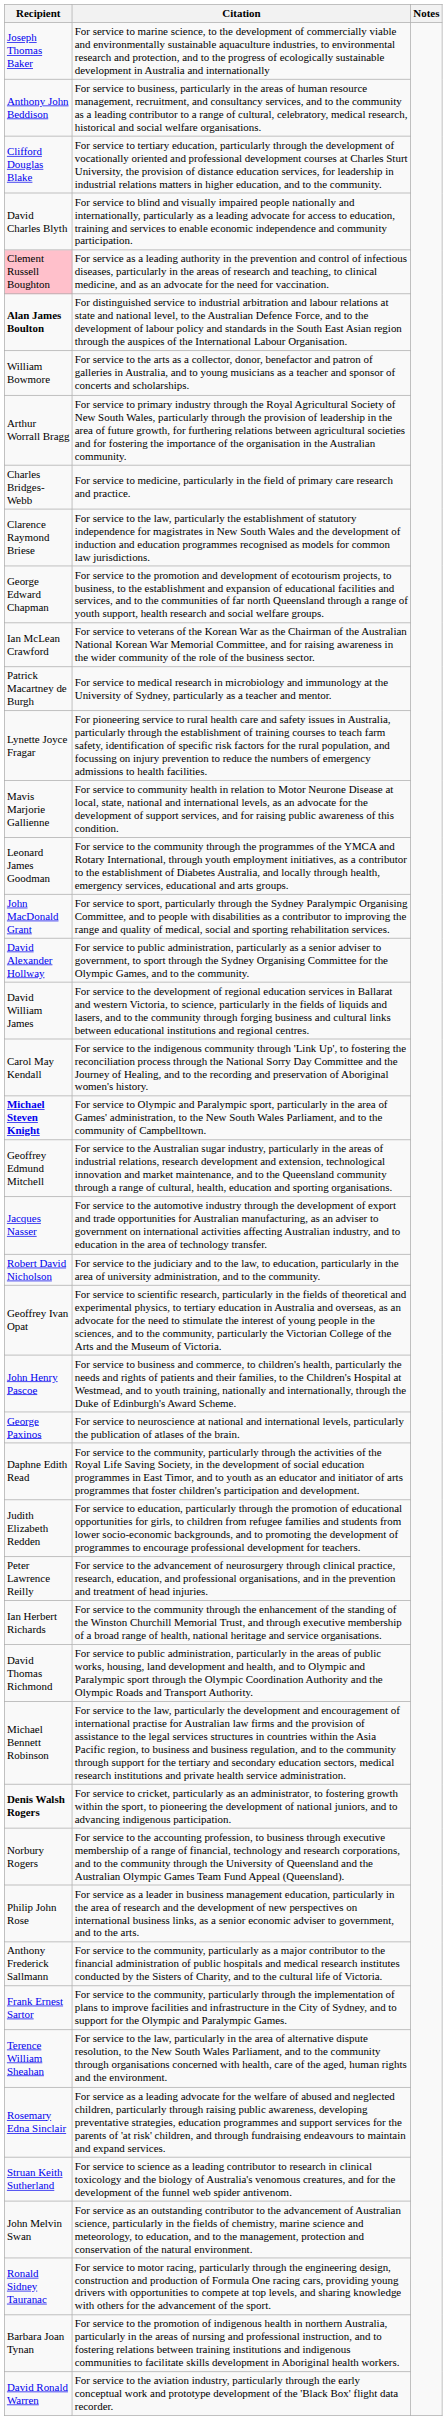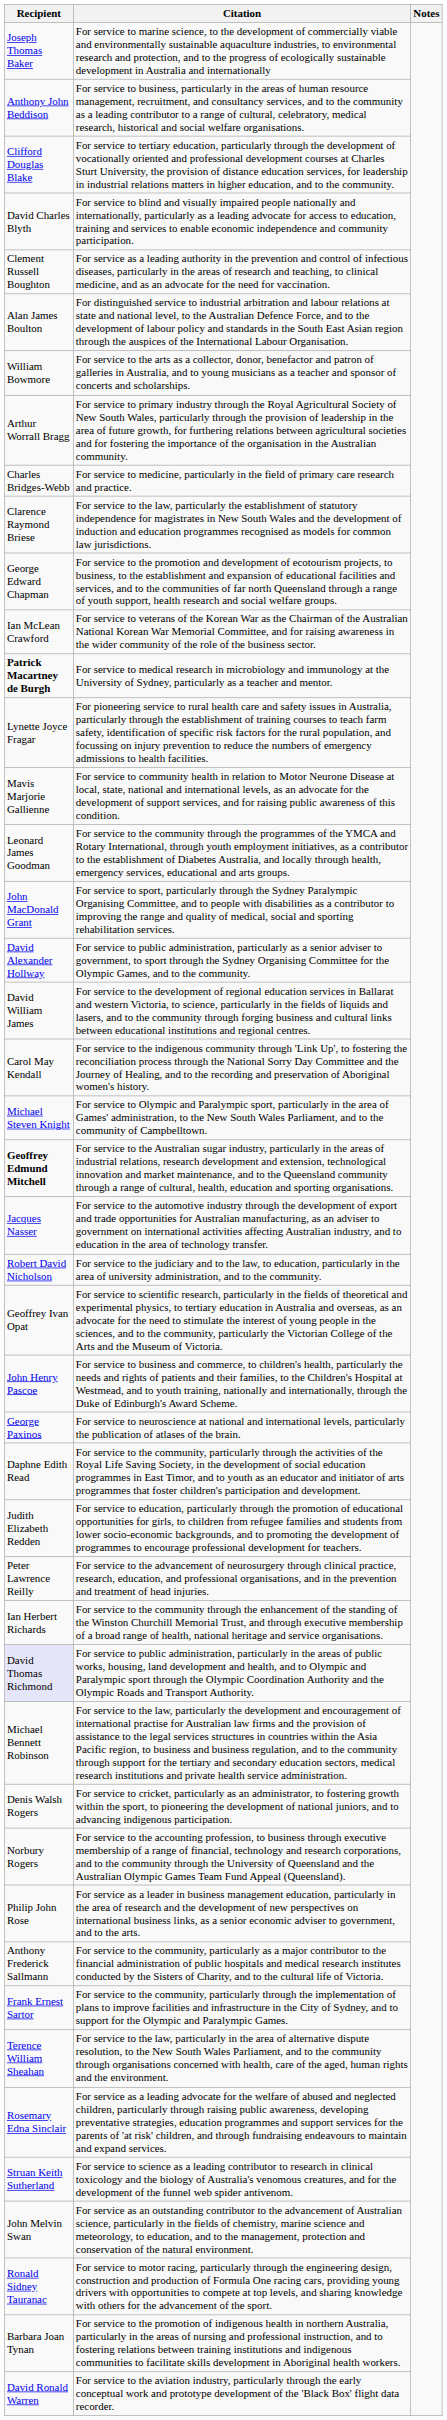 <table class="wikitable" style="font-size:95%;">
 <tr>
 <th>Recipient</th>
 <th>Citation</th>
 <th>Notes</th>
 </tr>
 <tr>
 <td> <a href='#'>Joseph Thomas Baker</a></td>
 <td>For service to marine science, to the development of commercially viable and environmentally sustainable aquaculture industries, to environmental research and protection, and to the progress of ecologically sustainable development in Australia and internationally</td>
 <td rowspan=45></td>
 </tr>
 <tr>
 <td><a href='#'>Anthony John Beddison</a></td>
 <td>For service to business, particularly in the areas of human resource management, recruitment, and consultancy services, and to the community as a leading contributor to a range of cultural, celebratory, medical research, historical and social welfare organisations.</td>
 </tr>
 <tr>
 <td> <a href='#'>Clifford Douglas Blake</a></td>
 <td>For service to tertiary education, particularly through the development of vocationally oriented and professional development courses at Charles Sturt University, the provision of distance education services, for leadership in industrial relations matters in higher education, and to the community.</td>
 </tr>
 <tr>
 <td>David Charles Blyth</td>
 <td>For service to blind and visually impaired people nationally and internationally, particularly as a leading advocate for access to education, training and services to enable economic independence and community participation.</td>
 </tr>
 <tr>
-<td style="background: pink;"> Clement Russell Boughton</td>
+<td> Clement Russell Boughton</td>
 <td>For service as a leading authority in the prevention and control of infectious diseases, particularly in the areas of research and teaching, to clinical medicine, and as an advocate for the need for vaccination.</td>
 </tr>
 <tr>
-<td><strong> Alan James Boulton</strong></td>
+<td> Alan James Boulton</td>
 <td>For distinguished service to industrial arbitration and labour relations at state and national level, to the Australian Defence Force, and to the development of labour policy and standards in the South East Asian region through the auspices of the International Labour Organisation.</td>
 </tr>
 <tr>
 <td>William Bowmore</td>
 <td>For service to the arts as a collector, donor, benefactor and patron of galleries in Australia, and to young musicians as a teacher and sponsor of concerts and scholarships.</td>
 </tr>
 <tr>
 <td>Arthur Worrall Bragg</td>
 <td>For service to primary industry through the Royal Agricultural Society of New South Wales, particularly through the provision of leadership in the area of future growth, for furthering relations between agricultural societies and for fostering the importance of the organisation in the Australian community.</td>
 </tr>
 <tr>
 <td> Charles Bridges-Webb</td>
 <td>For service to medicine, particularly in the field of primary care research and practice.</td>
 </tr>
 <tr>
 <td>Clarence Raymond Briese</td>
 <td>For service to the law, particularly the establishment of statutory independence for magistrates in New South Wales and the development of induction and education programmes recognised as models for common law jurisdictions.</td>
 </tr>
 <tr>
 <td>George Edward Chapman</td>
 <td>For service to the promotion and development of ecotourism projects, to business, to the establishment and expansion of educational facilities and services, and to the communities of far north Queensland through a range of youth support, health research and social welfare groups.</td>
 </tr>
 <tr>
 <td> Ian McLean Crawford</td>
 <td>For service to veterans of the Korean War as the Chairman of the Australian National Korean War Memorial Committee, and for raising awareness in the wider community of the role of the business sector.</td>
 </tr>
 <tr>
-<td> Patrick Macartney de Burgh</td>
+<td><strong> Patrick Macartney de Burgh</strong></td>
 <td>For service to medical research in microbiology and immunology at the University of Sydney, particularly as a teacher and mentor.</td>
 </tr>
 <tr>
 <td> Lynette Joyce Fragar</td>
 <td>For pioneering service to rural health care and safety issues in Australia, particularly through the establishment of training courses to teach farm safety, identification of specific risk factors for the rural population, and focussing on injury prevention to reduce the numbers of emergency admissions to health facilities.</td>
 </tr>
 <tr>
 <td>Mavis Marjorie Gallienne</td>
 <td>For service to community health in relation to Motor Neurone Disease at local, state, national and international levels, as an advocate for the development of support services, and for raising public awareness of this condition.</td>
 </tr>
 <tr>
 <td>Leonard James Goodman</td>
 <td>For service to the community through the programmes of the YMCA and Rotary International, through youth employment initiatives, as a contributor to the establishment of Diabetes Australia, and locally through health, emergency services, educational and arts groups.</td>
 </tr>
 <tr>
 <td> <a href='#'>John MacDonald Grant</a></td>
 <td>For service to sport, particularly through the Sydney Paralympic Organising Committee, and to people with disabilities as a contributor to improving the range and quality of medical, social and sporting rehabilitation services.</td>
 </tr>
 <tr>
 <td><a href='#'>David Alexander Hollway</a></td>
 <td>For service to public administration, particularly as a senior adviser to government, to sport through the Sydney Organising Committee for the Olympic Games, and to the community.</td>
 </tr>
 <tr>
 <td> David William James</td>
 <td>For service to the development of regional education services in Ballarat and western Victoria, to science, particularly in the fields of liquids and lasers, and to the community through forging business and cultural links between educational institutions and regional centres.</td>
 </tr>
 <tr>
 <td>Carol May Kendall</td>
 <td>For service to the indigenous community through 'Link Up', to fostering the reconciliation process through the National Sorry Day Committee and the Journey of Healing, and to the recording and preservation of Aboriginal women's history.</td>
 </tr>
 <tr>
-<td><strong> <a href='#'>Michael Steven Knight</a></strong></td>
+<td> <a href='#'>Michael Steven Knight</a></td>
 <td>For service to Olympic and Paralympic sport, particularly in the area of Games' administration, to the New South Wales Parliament, and to the community of Campbelltown.</td>
 </tr>
 <tr>
-<td>Geoffrey Edmund Mitchell</td>
+<td><strong>Geoffrey Edmund Mitchell</strong></td>
 <td>For service to the Australian sugar industry, particularly in the areas of industrial relations, research development and extension, technological innovation and market maintenance, and to the Queensland community through a range of cultural, health, education and sporting organisations.</td>
 </tr>
 <tr>
 <td><a href='#'>Jacques Nasser</a></td>
 <td>For service to the automotive industry through the development of export and trade opportunities for Australian manufacturing, as an adviser to government on international activities affecting Australian industry, and to education in the area of technology transfer.</td>
 </tr>
 <tr>
 <td> <a href='#'>Robert David Nicholson</a></td>
 <td>For service to the judiciary and to the law, to education, particularly in the area of university administration, and to the community.</td>
 </tr>
 <tr>
 <td> Geoffrey Ivan Opat</td>
 <td>For service to scientific research, particularly in the fields of theoretical and experimental physics, to tertiary education in Australia and overseas, as an advocate for the need to stimulate the interest of young people in the sciences, and to the community, particularly the Victorian College of the Arts and the Museum of Victoria.</td>
 </tr>
 <tr>
 <td><a href='#'>John Henry Pascoe</a></td>
 <td>For service to business and commerce, to children's health, particularly the needs and rights of patients and their families, to the Children's Hospital at Westmead, and to youth training, nationally and internationally, through the Duke of Edinburgh's Award Scheme.</td>
 </tr>
 <tr>
 <td> <a href='#'>George Paxinos</a></td>
 <td>For service to neuroscience at national and international levels, particularly the publication of atlases of the brain.</td>
 </tr>
 <tr>
 <td>Daphne Edith Read</td>
 <td>For service to the community, particularly through the activities of the Royal Life Saving Society, in the development of social education programmes in East Timor, and to youth as an educator and initiator of arts programmes that foster children's participation and development.</td>
 </tr>
 <tr>
 <td> Judith Elizabeth Redden</td>
 <td>For service to education, particularly through the promotion of educational opportunities for girls, to children from refugee families and students from lower socio-economic backgrounds, and to promoting the development of programmes to encourage professional development for teachers.</td>
 </tr>
 <tr>
 <td> Peter Lawrence Reilly</td>
 <td>For service to the advancement of neurosurgery through clinical practice, research, education, and professional organisations, and in the prevention and treatment of head injuries.</td>
 </tr>
 <tr>
 <td> Ian Herbert Richards</td>
 <td>For service to the community through the enhancement of the standing of the Winston Churchill Memorial Trust, and through executive membership of a broad range of health, national heritage and service organisations.</td>
 </tr>
 <tr>
-<td>David Thomas Richmond</td>
+<td style="background: lavender;">David Thomas Richmond</td>
 <td>For service to public administration, particularly in the areas of public works, housing, land development and health, and to Olympic and Paralympic sport through the Olympic Coordination Authority and the Olympic Roads and Transport Authority.</td>
 </tr>
 <tr>
 <td>Michael Bennett Robinson</td>
 <td>For service to the law, particularly the development and encouragement of international practise for Australian law firms and the provision of assistance to the legal services structures in countries within the Asia Pacific region, to business and business regulation, and to the community through support for the tertiary and secondary education sectors, medical research institutions and private health service administration.</td>
 </tr>
 <tr>
-<td><strong>Denis Walsh Rogers</strong></td>
+<td>Denis Walsh Rogers</td>
 <td>For service to cricket, particularly as an administrator, to fostering growth within the sport, to pioneering the development of national juniors, and to advancing indigenous participation.</td>
 </tr>
 <tr>
 <td>Norbury Rogers</td>
 <td>For service to the accounting profession, to business through executive membership of a range of financial, technology and research corporations, and to the community through the University of Queensland and the Australian Olympic Games Team Fund Appeal (Queensland).</td>
 </tr>
 <tr>
 <td> Philip John Rose</td>
 <td>For service as a leader in business management education, particularly in the area of research and the development of new perspectives on international business links, as a senior economic adviser to government, and to the arts.</td>
 </tr>
 <tr>
 <td> Anthony Frederick Sallmann </td>
 <td>For service to the community, particularly as a major contributor to the financial administration of public hospitals and medical research institutes conducted by the Sisters of Charity, and to the cultural life of Victoria.</td>
 </tr>
 <tr>
 <td><a href='#'>Frank Ernest Sartor</a></td>
 <td>For service to the community, particularly through the implementation of plans to improve facilities and infrastructure in the City of Sydney, and to support for the Olympic and Paralympic Games.</td>
 </tr>
 <tr>
 <td> <a href='#'>Terence William Sheahan</a></td>
 <td>For service to the law, particularly in the area of alternative dispute resolution, to the New South Wales Parliament, and to the community through organisations concerned with health, care of the aged, human rights and the environment.</td>
 </tr>
 <tr>
 <td><a href='#'>Rosemary Edna Sinclair</a></td>
 <td>For service as a leading advocate for the welfare of abused and neglected children, particularly through raising public awareness, developing preventative strategies, education programmes and support services for the parents of 'at risk' children, and through fundraising endeavours to maintain and expand services.</td>
 </tr>
 <tr>
 <td> <a href='#'>Struan Keith Sutherland</a></td>
 <td>For service to science as a leading contributor to research in clinical toxicology and the biology of Australia's venomous creatures, and for the development of the funnel web spider antivenom.</td>
 </tr>
 <tr>
 <td> John Melvin Swan</td>
 <td>For service as an outstanding contributor to the advancement of Australian science, particularly in the fields of chemistry, marine science and meteorology, to education, and to the management, protection and conservation of the natural environment.</td>
 </tr>
 <tr>
 <td><a href='#'>Ronald Sidney Tauranac</a></td>
 <td>For service to motor racing, particularly through the engineering design, construction and production of Formula One racing cars, providing young drivers with opportunities to compete at top levels, and sharing knowledge with others for the advancement of the sport.</td>
 </tr>
 <tr>
 <td>Barbara Joan Tynan</td>
 <td>For service to the promotion of indigenous health in northern Australia, particularly in the areas of nursing and professional instruction, and to fostering relations between training institutions and indigenous communities to facilitate skills development in Aboriginal health workers.</td>
 </tr>
 <tr>
 <td> <a href='#'>David Ronald Warren</a></td>
 <td>For service to the aviation industry, particularly through the early conceptual work and prototype development of the 'Black Box' flight data recorder.</td>
 </tr>
 </table>
